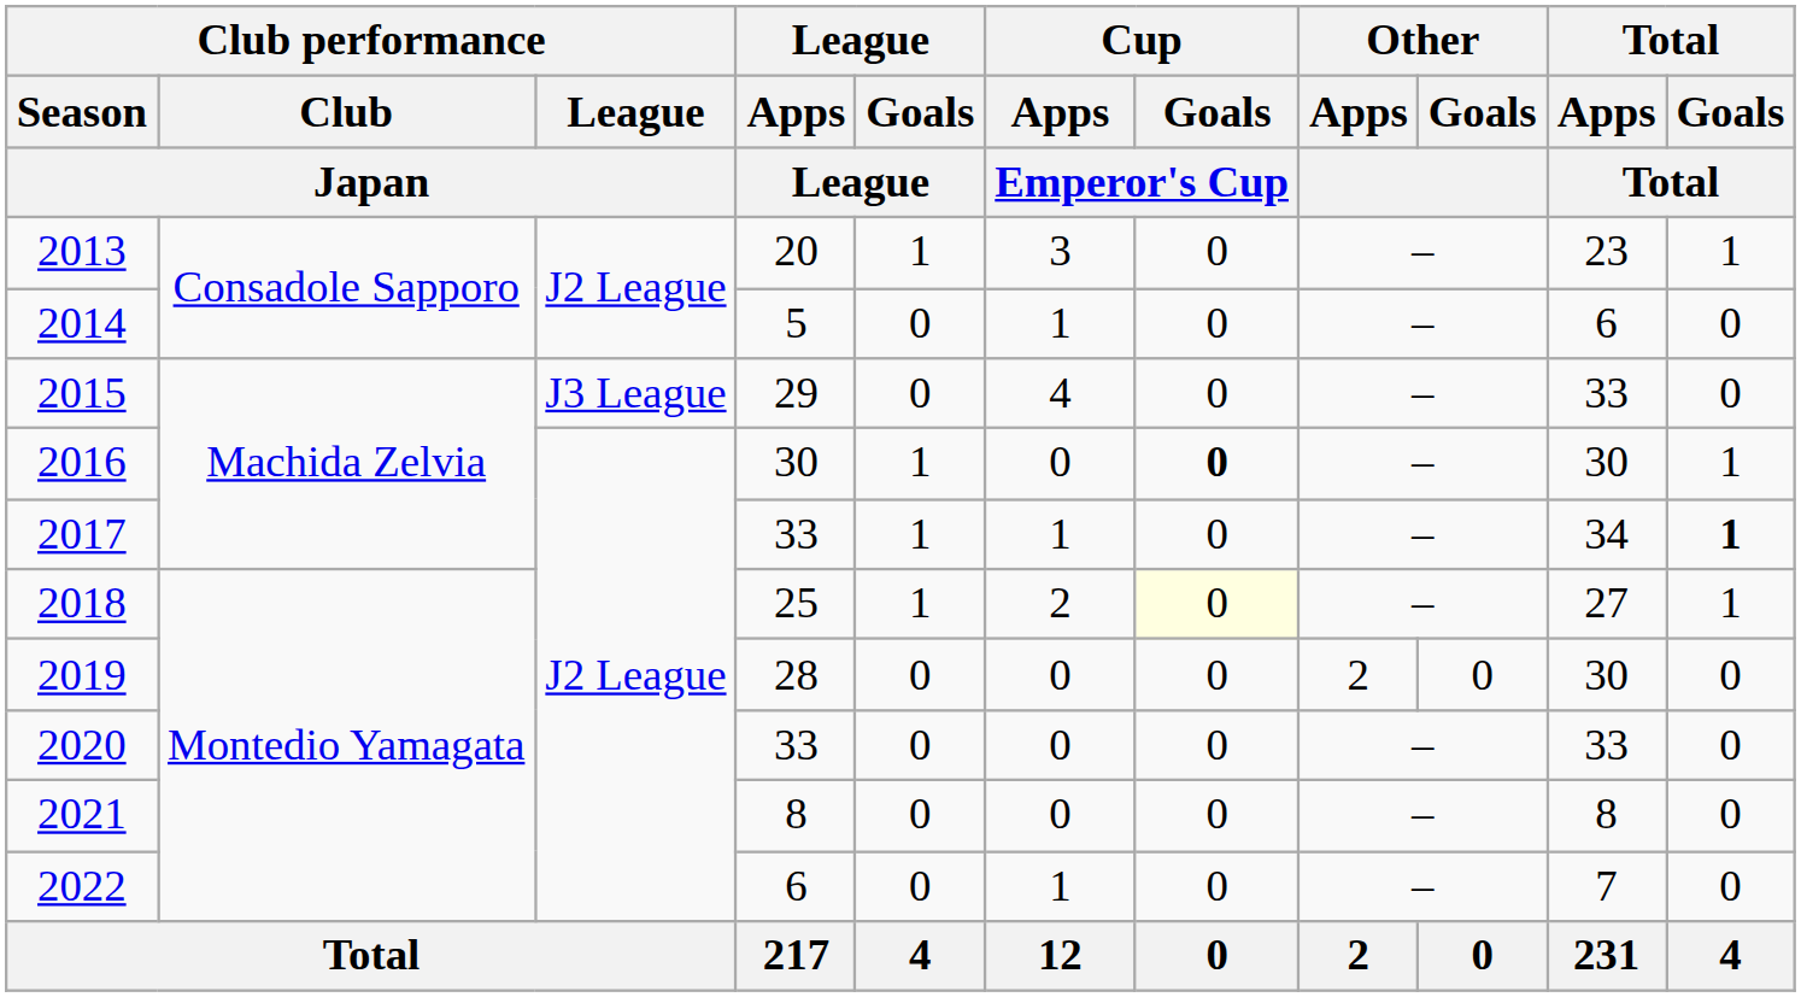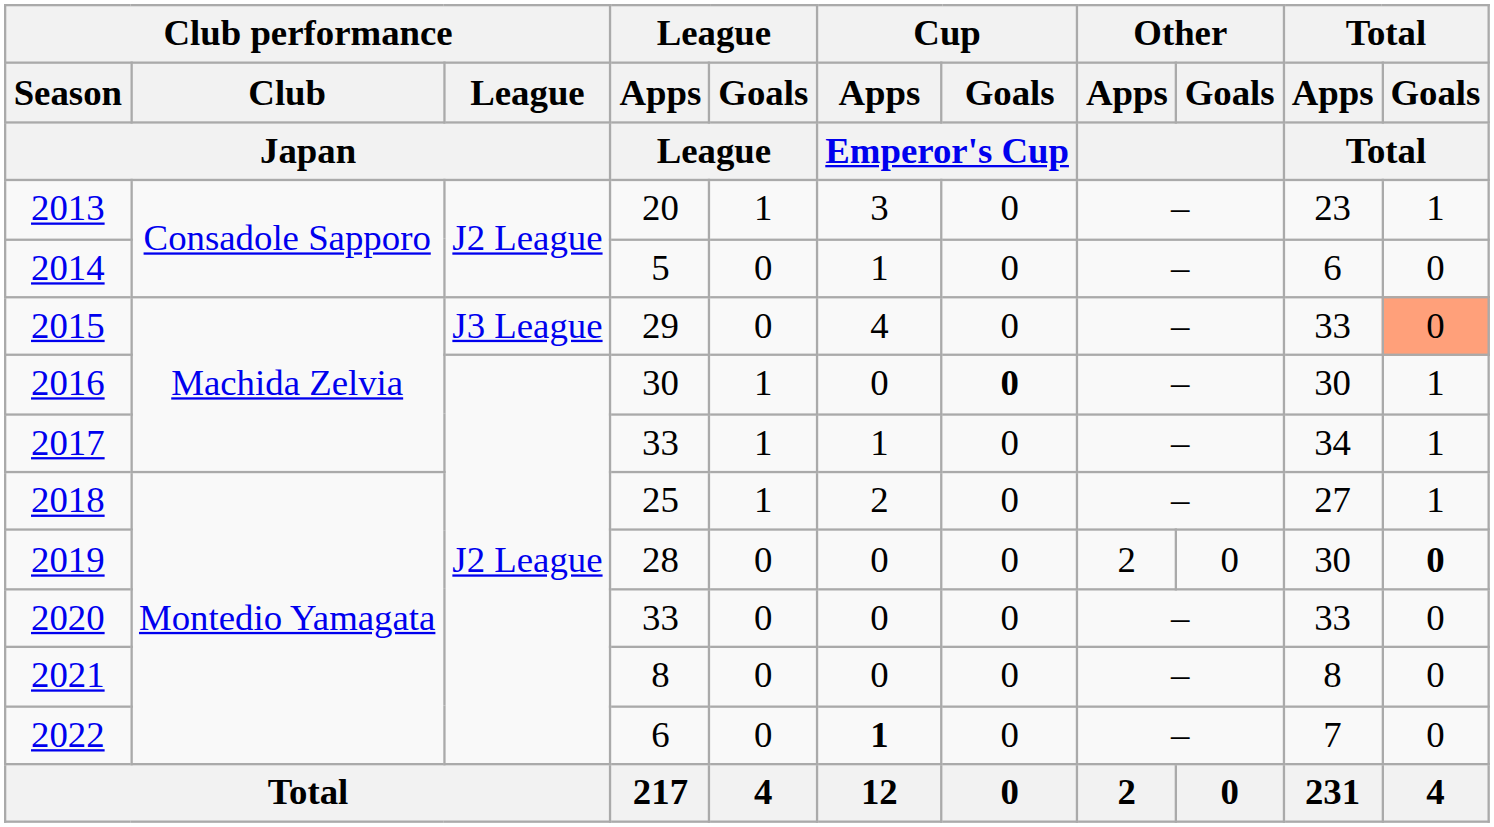 <table class="wikitable" style="text-align:center;">
 <tr>
 <th colspan=3>Club performance</th>
 <th colspan=2>League</th>
 <th colspan=2>Cup</th>
 <th colspan="2">Other</th>
 <th colspan=2>Total</th>
 </tr>
 <tr>
 <th>Season</th>
 <th>Club</th>
 <th>League</th>
 <th>Apps</th>
 <th>Goals</th>
 <th>Apps</th>
 <th>Goals</th>
 <th>Apps</th>
 <th>Goals</th>
 <th>Apps</th>
 <th>Goals</th>
 </tr>
 <tr>
 <th colspan=3>Japan</th>
 <th colspan=2>League</th>
 <th colspan=2><a href='#'>Emperor's Cup</a></th>
 <th colspan="2"></th>
 <th colspan=2>Total</th>
 </tr>
 <tr>
 <td><a href='#'>2013</a></td>
 <td rowspan="2"><a href='#'>Consadole Sapporo</a></td>
 <td rowspan="2"><a href='#'>J2 League</a></td>
 <td>20</td>
 <td>1</td>
 <td>3</td>
 <td>0</td>
 <td colspan="2">–</td>
 <td>23</td>
 <td>1</td>
 </tr>
 <tr>
 <td><a href='#'>2014</a></td>
 <td>5</td>
 <td>0</td>
 <td>1</td>
 <td>0</td>
 <td colspan="2">–</td>
 <td>6</td>
 <td>0</td>
 </tr>
 <tr>
 <td><a href='#'>2015</a></td>
 <td rowspan="3"><a href='#'>Machida Zelvia</a></td>
 <td><a href='#'>J3 League</a></td>
 <td>29</td>
 <td>0</td>
 <td>4</td>
 <td>0</td>
 <td colspan="2">–</td>
 <td>33</td>
-<td>0</td>
+<td style="background: lightsalmon;">0</td>
 </tr>
 <tr>
 <td><a href='#'>2016</a></td>
 <td rowspan="7"><a href='#'>J2 League</a></td>
 <td>30</td>
 <td>1</td>
 <td>0</td>
 <td><strong>0</strong></td>
 <td colspan="2">–</td>
 <td>30</td>
 <td>1</td>
 </tr>
 <tr>
 <td><a href='#'>2017</a></td>
 <td>33</td>
 <td>1</td>
 <td>1</td>
 <td>0</td>
 <td colspan="2">–</td>
 <td>34</td>
-<td><strong>1</strong></td>
+<td>1</td>
 </tr>
 <tr>
 <td><a href='#'>2018</a></td>
 <td rowspan="5"><a href='#'>Montedio Yamagata</a></td>
 <td>25</td>
 <td>1</td>
 <td>2</td>
-<td style="background: lightyellow;">0</td>
+<td>0</td>
 <td colspan="2">–</td>
 <td>27</td>
 <td>1</td>
 </tr>
 <tr>
 <td><a href='#'>2019</a></td>
 <td>28</td>
 <td>0</td>
 <td>0</td>
 <td>0</td>
 <td>2</td>
 <td>0</td>
 <td>30</td>
-<td>0</td>
+<td><strong>0</strong></td>
 </tr>
 <tr>
 <td><a href='#'>2020</a></td>
 <td>33</td>
 <td>0</td>
 <td>0</td>
 <td>0</td>
 <td colspan="2">–</td>
 <td>33</td>
 <td>0</td>
 </tr>
 <tr>
 <td><a href='#'>2021</a></td>
 <td>8</td>
 <td>0</td>
 <td>0</td>
 <td>0</td>
 <td colspan="2">–</td>
 <td>8</td>
 <td>0</td>
 </tr>
 <tr>
 <td><a href='#'>2022</a></td>
 <td>6</td>
 <td>0</td>
-<td>1</td>
+<td><strong>1</strong></td>
 <td>0</td>
 <td colspan="2">–</td>
 <td>7</td>
 <td>0</td>
 </tr>
 <tr>
 <th colspan="3">Total</th>
 <th>217</th>
 <th>4</th>
 <th>12</th>
 <th>0</th>
 <th>2</th>
 <th>0</th>
 <th>231</th>
 <th>4</th>
 </tr>
 </table>
